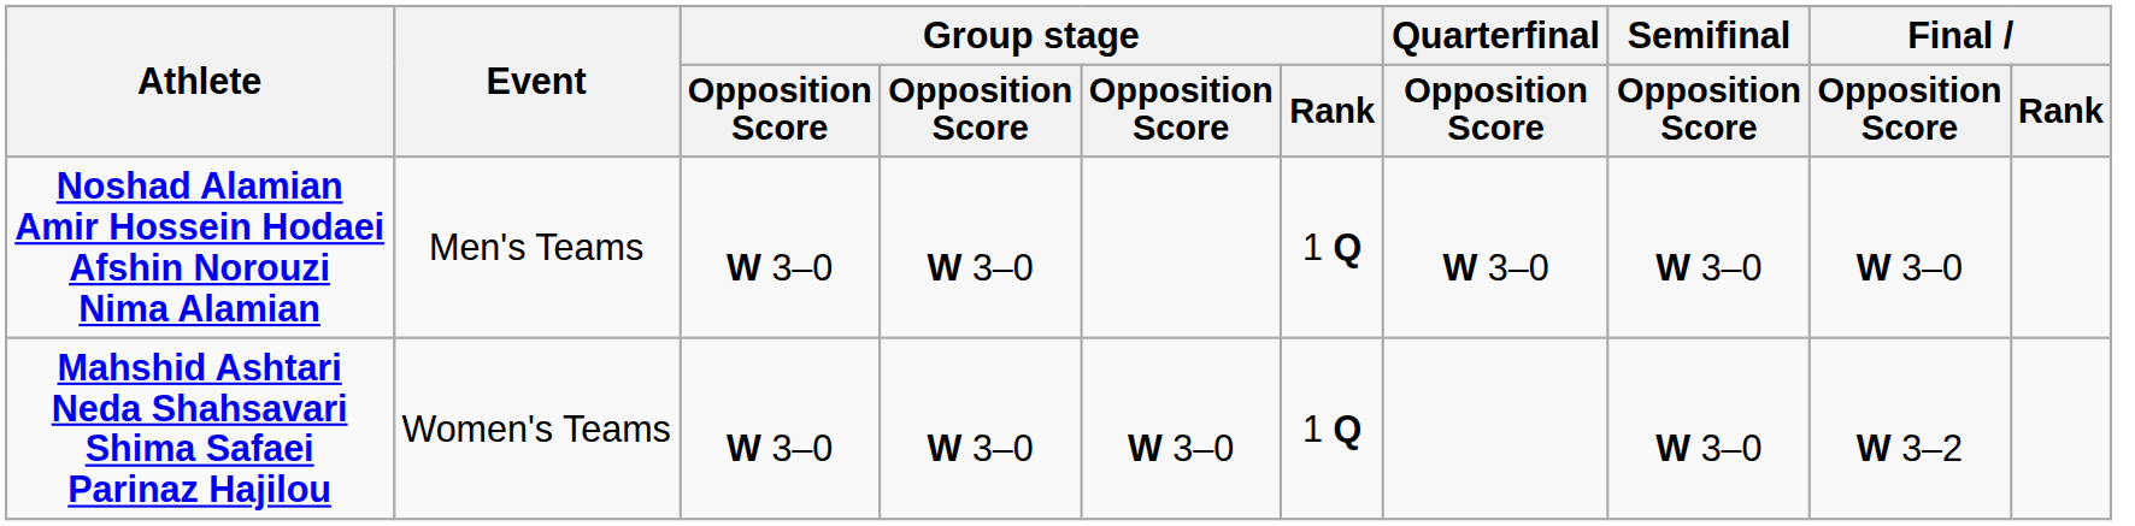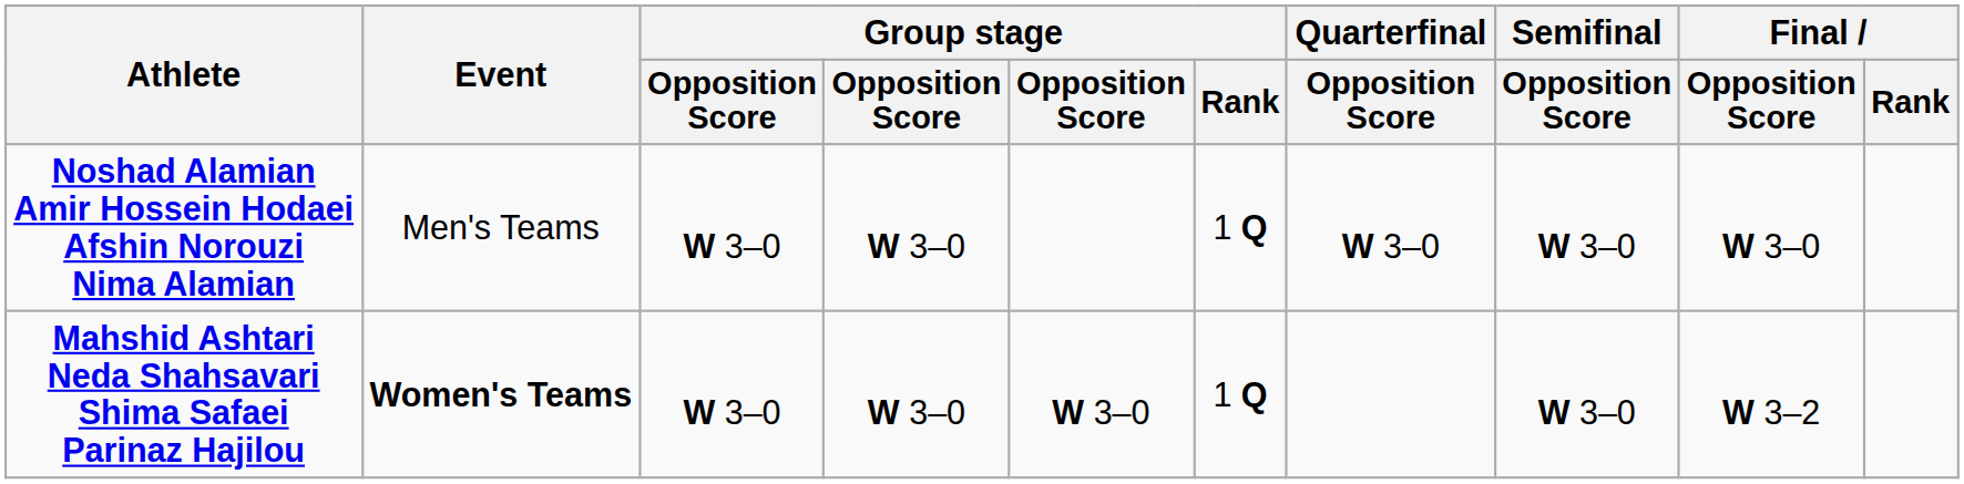 <table class=wikitable style=text-align:center;font-size:90%>
 <tr>
 <th rowspan=2>Athlete</th>
 <th rowspan=2>Event</th>
 <th colspan=4>Group stage</th>
 <th>Quarterfinal</th>
 <th>Semifinal</th>
 <th colspan=2>Final / </th>
 </tr>
 <tr style=font-size:95%>
 <th>Opposition<br>Score</th>
 <th>Opposition<br>Score</th>
 <th>Opposition<br>Score</th>
 <th>Rank</th>
 <th>Opposition<br>Score</th>
 <th>Opposition<br>Score</th>
 <th>Opposition<br>Score</th>
 <th>Rank</th>
 </tr>
 <tr>
 <td><strong><a href='#'>Noshad Alamian</a></strong><br><strong><a href='#'>Amir Hossein Hodaei</a></strong><br><strong><a href='#'>Afshin Norouzi</a></strong><br><strong><a href='#'>Nima Alamian</a></strong></td>
 <td>Men's Teams</td>
 <td><br><strong>W</strong> 3–0</td>
 <td><br><strong>W</strong> 3–0</td>
 <td></td>
 <td>1 <strong>Q</strong></td>
 <td><br><strong>W</strong> 3–0</td>
 <td><br><strong>W</strong> 3–0</td>
 <td><br><strong>W</strong> 3–0</td>
 <td></td>
 </tr>
 <tr>
 <td><strong><a href='#'>Mahshid Ashtari</a></strong><br><strong><a href='#'>Neda Shahsavari</a></strong><br><strong><a href='#'>Shima Safaei</a></strong><br><strong><a href='#'>Parinaz Hajilou</a></strong></td>
-<td>Women's Teams</td>
+<td><strong>Women's Teams</strong></td>
 <td><br><strong>W</strong> 3–0</td>
 <td><br><strong>W</strong> 3–0</td>
 <td><br><strong>W</strong> 3–0</td>
 <td>1 <strong>Q</strong></td>
 <td></td>
 <td><br><strong>W</strong> 3–0</td>
 <td><br><strong>W</strong> 3–2</td>
 <td></td>
 </tr>
 </table>
